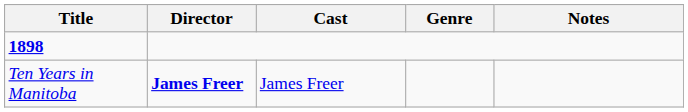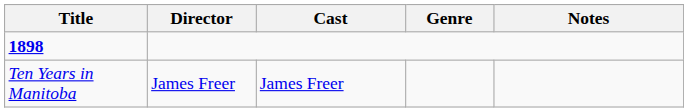 <table class="wikitable sortable" style="width:100%;">
 <tr>
 <th style="width:21%;">Title</th>
 <th style="width:16%;">Director</th>
 <th style="width:22%;" class="unsortable">Cast</th>
 <th style="width:13%;">Genre</th>
 <th style="width:28%;" class="unsortable">Notes</th>
 </tr>
 <tr>
 <td><strong><a href='#'>1898</a></strong></td>
 </tr>
 <tr>
 <td><em><a href='#'>Ten Years in Manitoba</a></em></td>
-<td><strong><a href='#'>James Freer</a></strong></td>
+<td><a href='#'>James Freer</a></td>
 <td><a href='#'>James Freer</a></td>
 <td></td>
 <td></td>
 </tr>
 </table>
